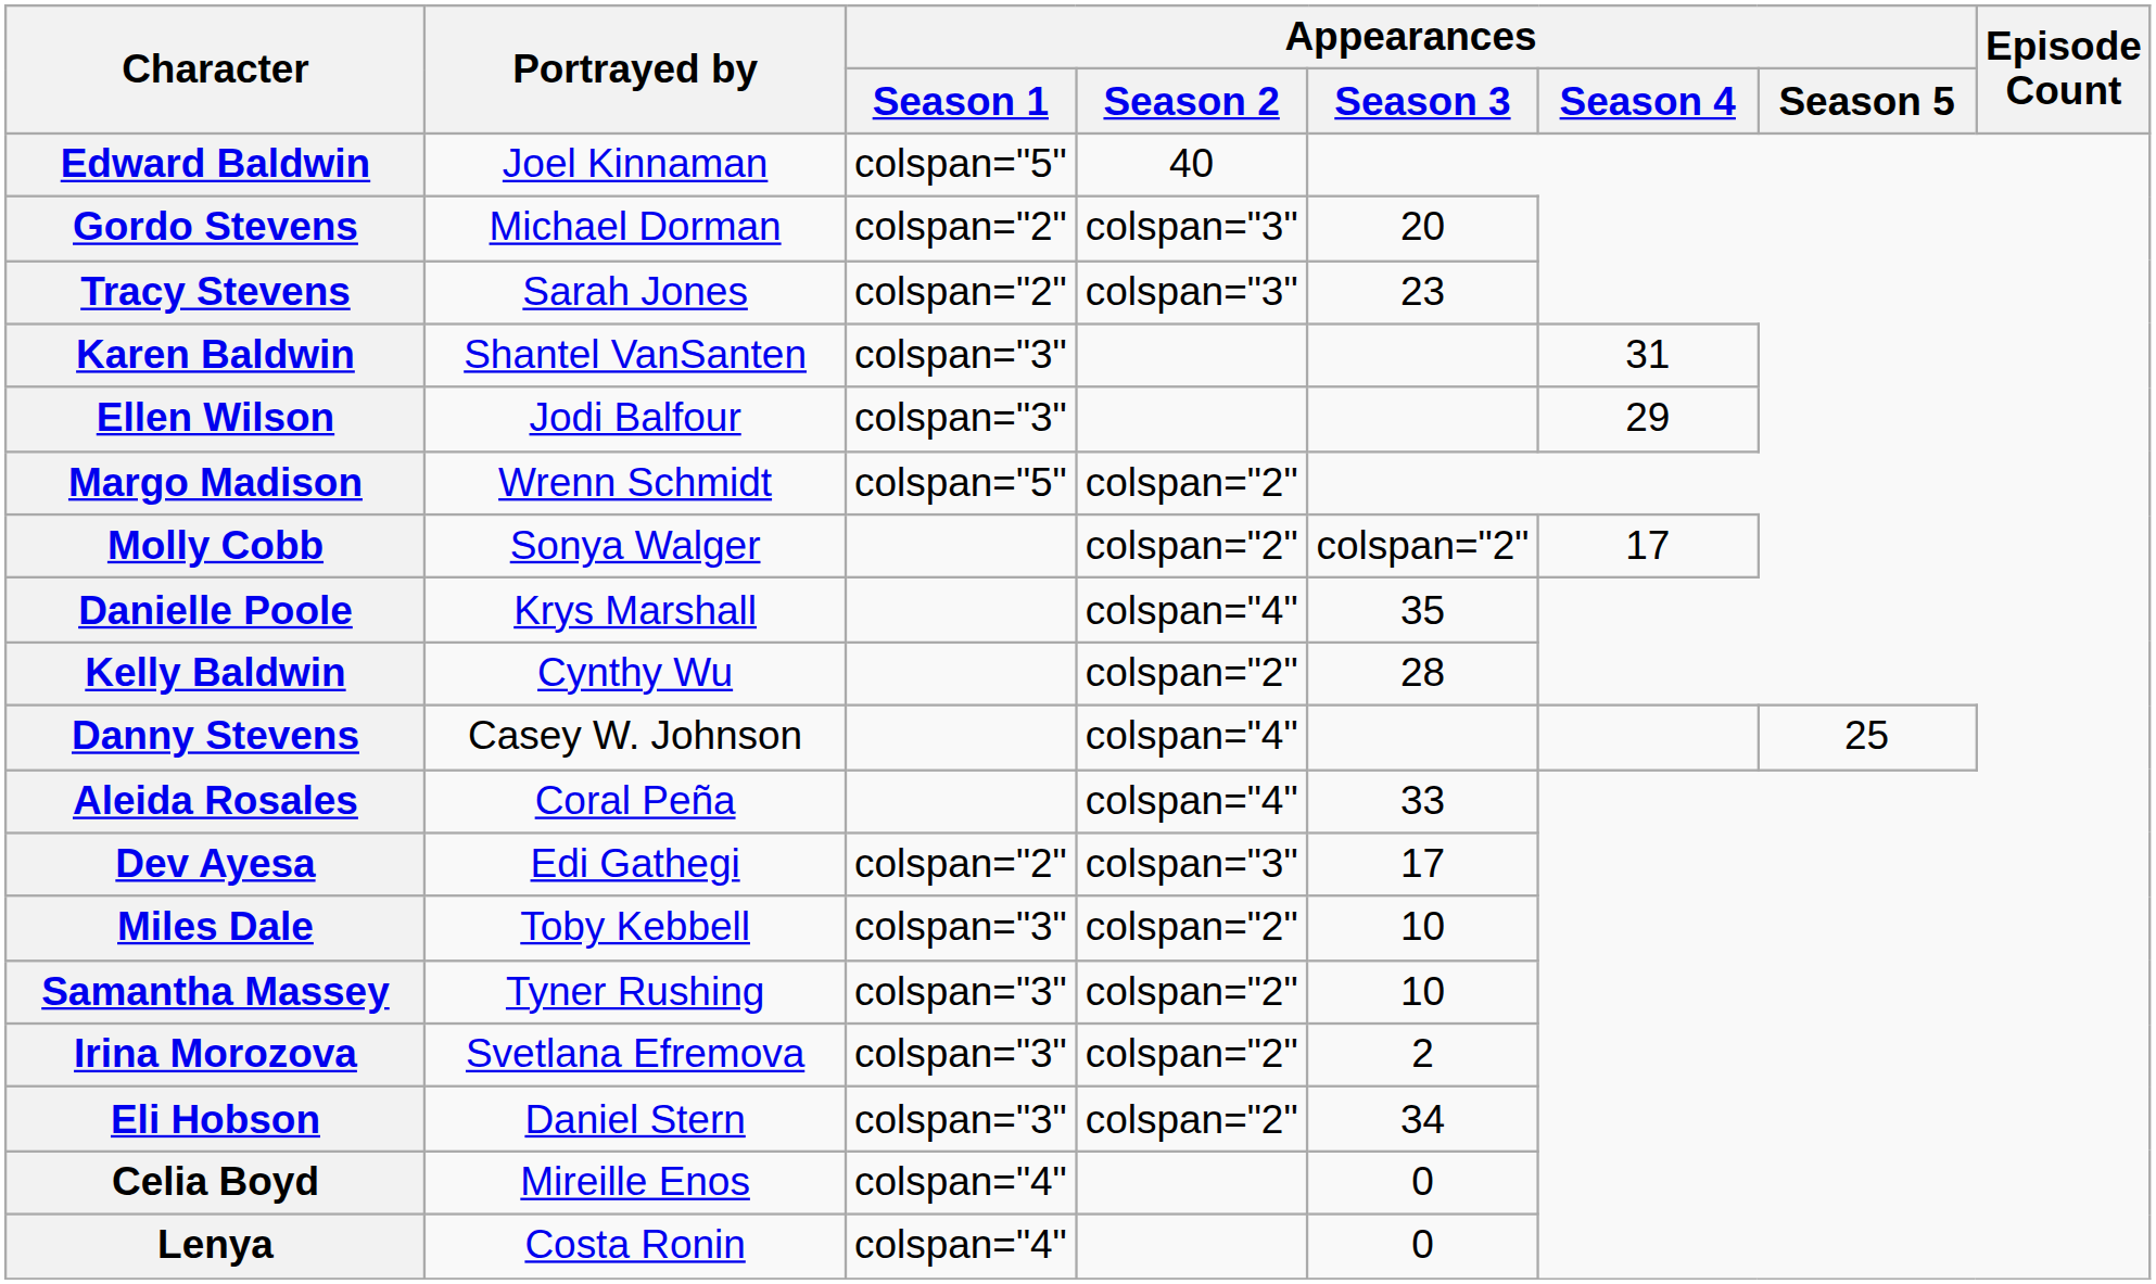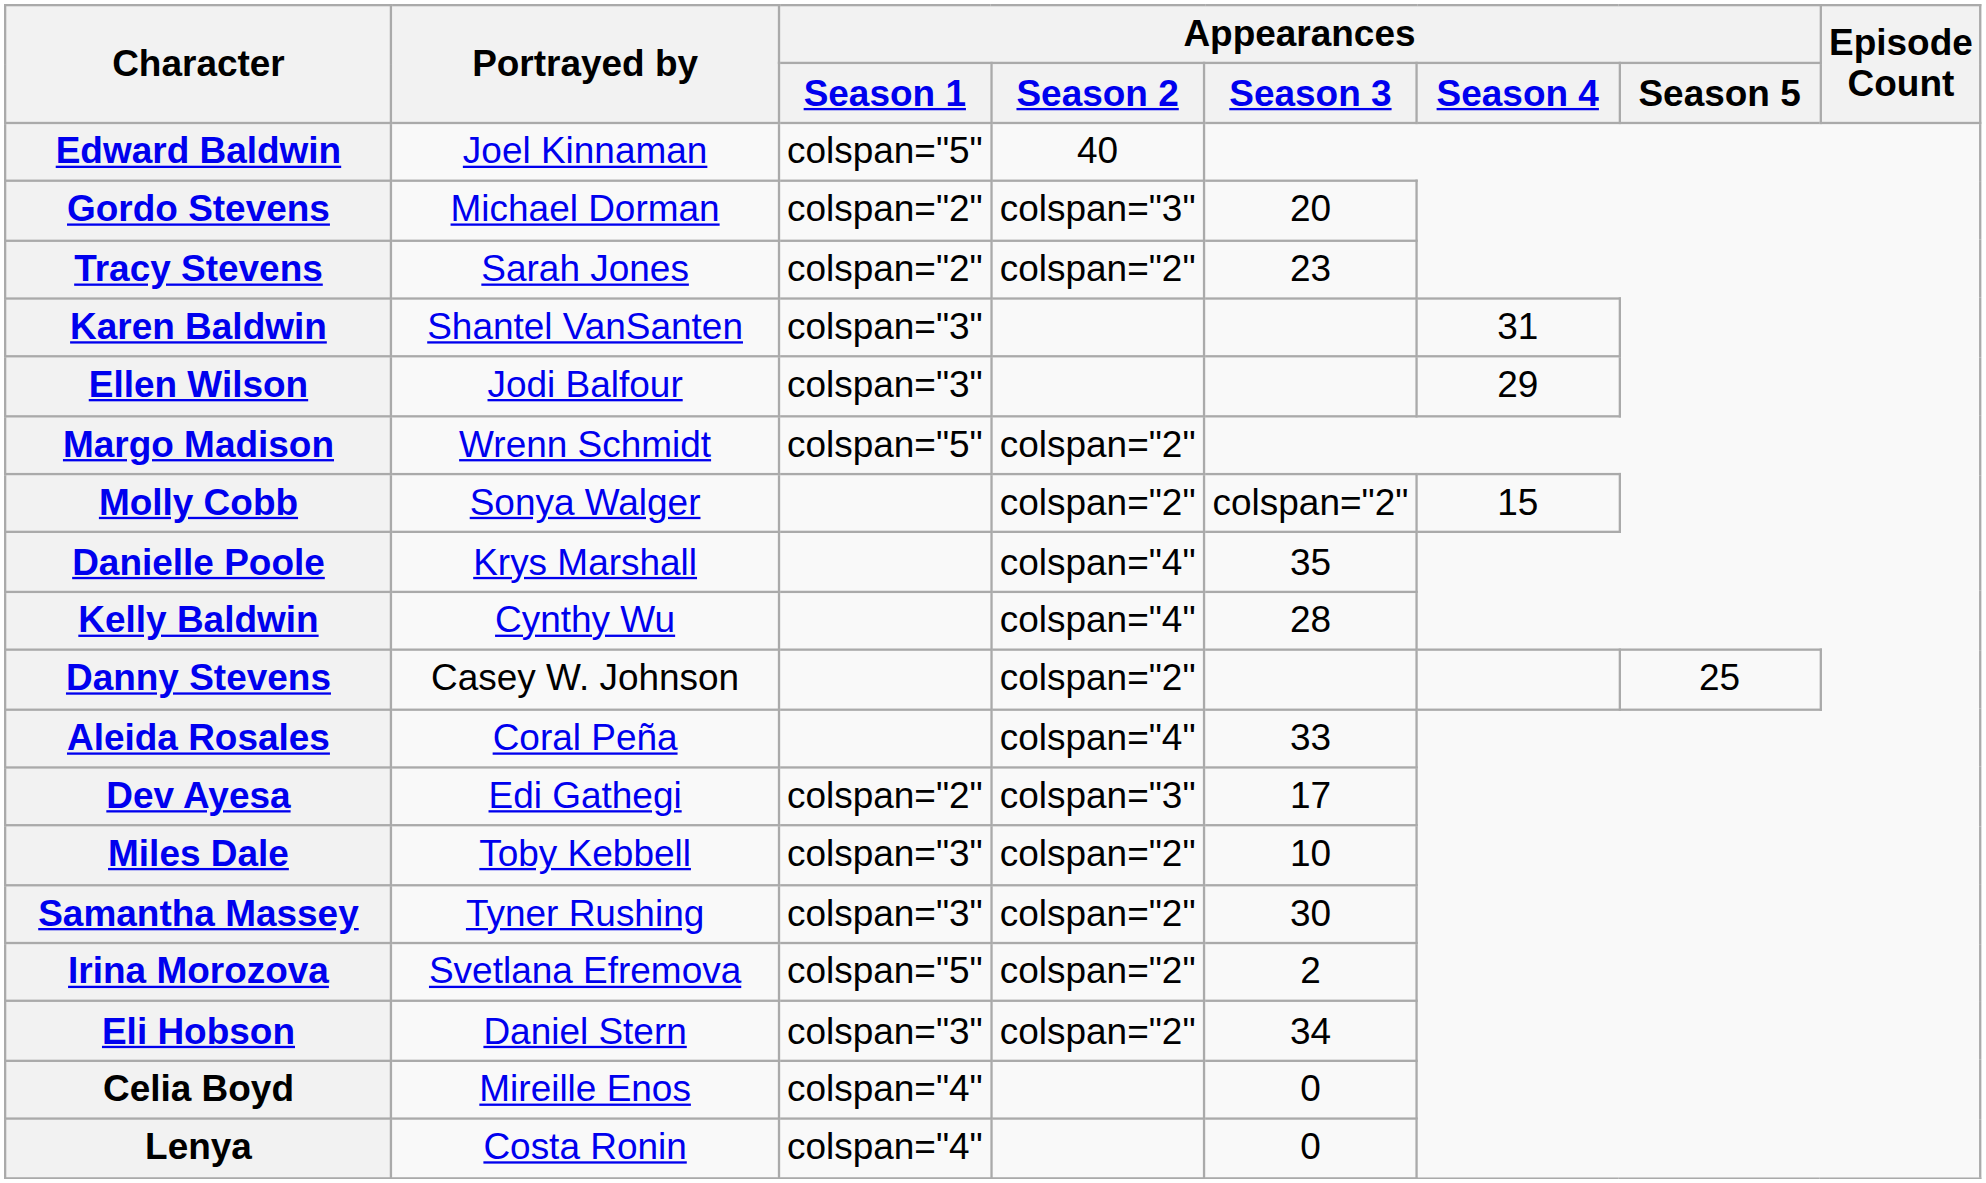 <table class="sortable wikitable" style="text-align: center;">
 <tr>
 <th rowspan="2" style="width: 160px;">Character</th>
 <th rowspan="2" style="width: 160px;">Portrayed by</th>
 <th colspan="5">Appearances</th>
 <th rowspan="2">Episode<br>Count</th>
 </tr>
 <tr>
 <th style="width: 80px;"><a href='#'>Season 1</a></th>
 <th style="width: 80px;"><a href='#'>Season 2</a></th>
 <th style="width: 80px;"><a href='#'>Season 3</a></th>
 <th style="width: 80px;"><a href='#'>Season 4</a></th>
 <th style="width: 80px;">Season 5</th>
 </tr>
 <tr>
 <th><a href='#'>Edward Baldwin</a></th>
 <td><a href='#'>Joel Kinnaman</a></td>
 <td>colspan="5" </td>
 <td>40</td>
 </tr>
 <tr>
 <th><a href='#'>Gordo Stevens</a></th>
 <td><a href='#'>Michael Dorman</a></td>
 <td>colspan="2" </td>
 <td>colspan="3" </td>
 <td>20</td>
 </tr>
 <tr>
 <th><a href='#'>Tracy Stevens</a></th>
 <td><a href='#'>Sarah Jones</a></td>
 <td>colspan="2" </td>
-<td>colspan="3" </td>
+<td>colspan="2" </td>
 <td>23</td>
 </tr>
 <tr>
 <th><a href='#'>Karen Baldwin</a></th>
 <td><a href='#'>Shantel VanSanten</a></td>
 <td>colspan="3" </td>
 <td></td>
 <td></td>
 <td>31</td>
 </tr>
 <tr>
 <th><a href='#'>Ellen Wilson</a></th>
 <td><a href='#'>Jodi Balfour</a></td>
 <td>colspan="3" </td>
 <td></td>
 <td></td>
 <td>29</td>
 </tr>
 <tr>
 <th><a href='#'>Margo Madison</a></th>
 <td><a href='#'>Wrenn Schmidt</a></td>
 <td>colspan="5" </td>
 <td>colspan="2" </td>
 </tr>
 <tr>
 <th><a href='#'>Molly Cobb</a></th>
 <td><a href='#'>Sonya Walger</a></td>
 <td></td>
 <td>colspan="2" </td>
 <td>colspan="2" </td>
-<td>17</td>
+<td>15</td>
 </tr>
 <tr>
 <th><a href='#'>Danielle Poole</a></th>
 <td><a href='#'>Krys Marshall</a></td>
 <td></td>
 <td>colspan="4" </td>
 <td>35</td>
 </tr>
 <tr>
 <th><a href='#'>Kelly Baldwin</a></th>
 <td><a href='#'>Cynthy Wu</a></td>
 <td></td>
-<td>colspan="2" </td>
+<td>colspan="4" </td>
 <td>28</td>
 </tr>
 <tr>
 <th><a href='#'>Danny Stevens</a></th>
 <td>Casey W. Johnson</td>
 <td></td>
-<td>colspan="4" </td>
+<td>colspan="2" </td>
 <td></td>
 <td></td>
 <td>25</td>
 </tr>
 <tr>
 <th><a href='#'>Aleida Rosales</a></th>
 <td><a href='#'>Coral Peña</a></td>
 <td></td>
 <td>colspan="4" </td>
 <td>33</td>
 </tr>
 <tr>
 <th><a href='#'>Dev Ayesa</a></th>
 <td><a href='#'>Edi Gathegi</a></td>
 <td>colspan="2" </td>
 <td>colspan="3" </td>
 <td>17</td>
 </tr>
 <tr>
 <th><a href='#'>Miles Dale</a></th>
 <td><a href='#'>Toby Kebbell</a></td>
 <td>colspan="3" </td>
 <td>colspan="2" </td>
 <td>10</td>
 </tr>
 <tr>
 <th><a href='#'>Samantha Massey</a></th>
 <td><a href='#'>Tyner Rushing</a></td>
 <td>colspan="3" </td>
 <td>colspan="2" </td>
-<td>10</td>
+<td>30</td>
 </tr>
 <tr>
 <th><a href='#'>Irina Morozova</a></th>
 <td><a href='#'>Svetlana Efremova</a></td>
-<td>colspan="3" </td>
+<td>colspan="5" </td>
 <td>colspan="2" </td>
 <td>2</td>
 </tr>
 <tr>
 <th><a href='#'>Eli Hobson</a></th>
 <td><a href='#'>Daniel Stern</a></td>
 <td>colspan="3" </td>
 <td>colspan="2" </td>
 <td>34</td>
 </tr>
 <tr>
 <th>Celia Boyd</th>
 <td><a href='#'>Mireille Enos</a></td>
 <td>colspan="4" </td>
 <td></td>
 <td>0</td>
 </tr>
 <tr>
 <th>Lenya</th>
 <td><a href='#'>Costa Ronin</a></td>
 <td>colspan="4" </td>
 <td></td>
 <td>0</td>
 </tr>
 <tr>
 </tr>
 </table>
